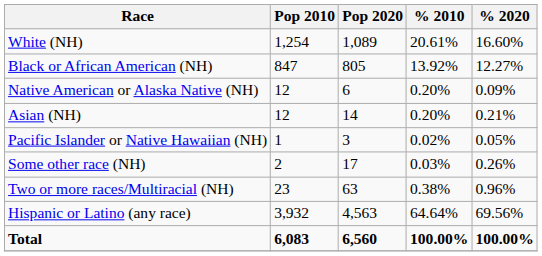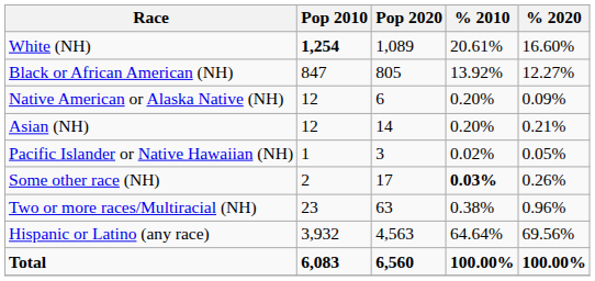 <table class="wikitable">
 <tr>
 <th>Race</th>
 <th>Pop 2010</th>
 <th>Pop 2020</th>
 <th>% 2010</th>
 <th>% 2020</th>
 </tr>
 <tr>
 <td><a href='#'>White</a> (NH)</td>
-<td>1,254</td>
+<td><strong>1,254</strong></td>
 <td>1,089</td>
 <td>20.61%</td>
 <td>16.60%</td>
 </tr>
 <tr>
 <td><a href='#'>Black or African American</a> (NH)</td>
 <td>847</td>
 <td>805</td>
 <td>13.92%</td>
 <td>12.27%</td>
 </tr>
 <tr>
 <td><a href='#'>Native American</a> or <a href='#'>Alaska Native</a> (NH)</td>
 <td>12</td>
 <td>6</td>
 <td>0.20%</td>
 <td>0.09%</td>
 </tr>
 <tr>
 <td><a href='#'>Asian</a> (NH)</td>
 <td>12</td>
 <td>14</td>
 <td>0.20%</td>
 <td>0.21%</td>
 </tr>
 <tr>
 <td><a href='#'>Pacific Islander</a> or <a href='#'>Native Hawaiian</a> (NH)</td>
 <td>1</td>
 <td>3</td>
 <td>0.02%</td>
 <td>0.05%</td>
 </tr>
 <tr>
 <td><a href='#'>Some other race</a> (NH)</td>
 <td>2</td>
 <td>17</td>
-<td>0.03%</td>
+<td><strong>0.03%</strong></td>
 <td>0.26%</td>
 </tr>
 <tr>
 <td><a href='#'>Two or more races/Multiracial</a> (NH)</td>
 <td>23</td>
 <td>63</td>
 <td>0.38%</td>
 <td>0.96%</td>
 </tr>
 <tr>
 <td><a href='#'>Hispanic or Latino</a> (any race)</td>
 <td>3,932</td>
 <td>4,563</td>
 <td>64.64%</td>
 <td>69.56%</td>
 </tr>
 <tr>
 <td><strong>Total</strong></td>
 <td><strong>6,083</strong></td>
 <td><strong>6,560</strong></td>
 <td><strong>100.00%</strong></td>
 <td><strong>100.00%</strong></td>
 </tr>
 <tr>
 </tr>
 </table>
